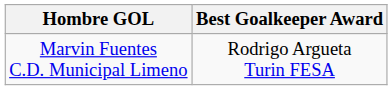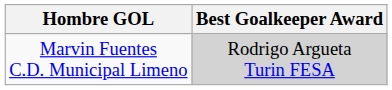 <table class="wikitable" style="margin: 0 auto;">
 <tr>
 <th>Hombre GOL</th>
 <th>Best Goalkeeper Award</th>
 </tr>
 <tr>
 <td align=center> <a href='#'>Marvin Fuentes</a><br><a href='#'>C.D. Municipal Limeno</a></td>
-<td align=center> Rodrigo Argueta <br><a href='#'>Turin FESA</a></td>
+<td align=center style="background: lightgrey;"> Rodrigo Argueta <br><a href='#'>Turin FESA</a></td>
 </tr>
 </table>
